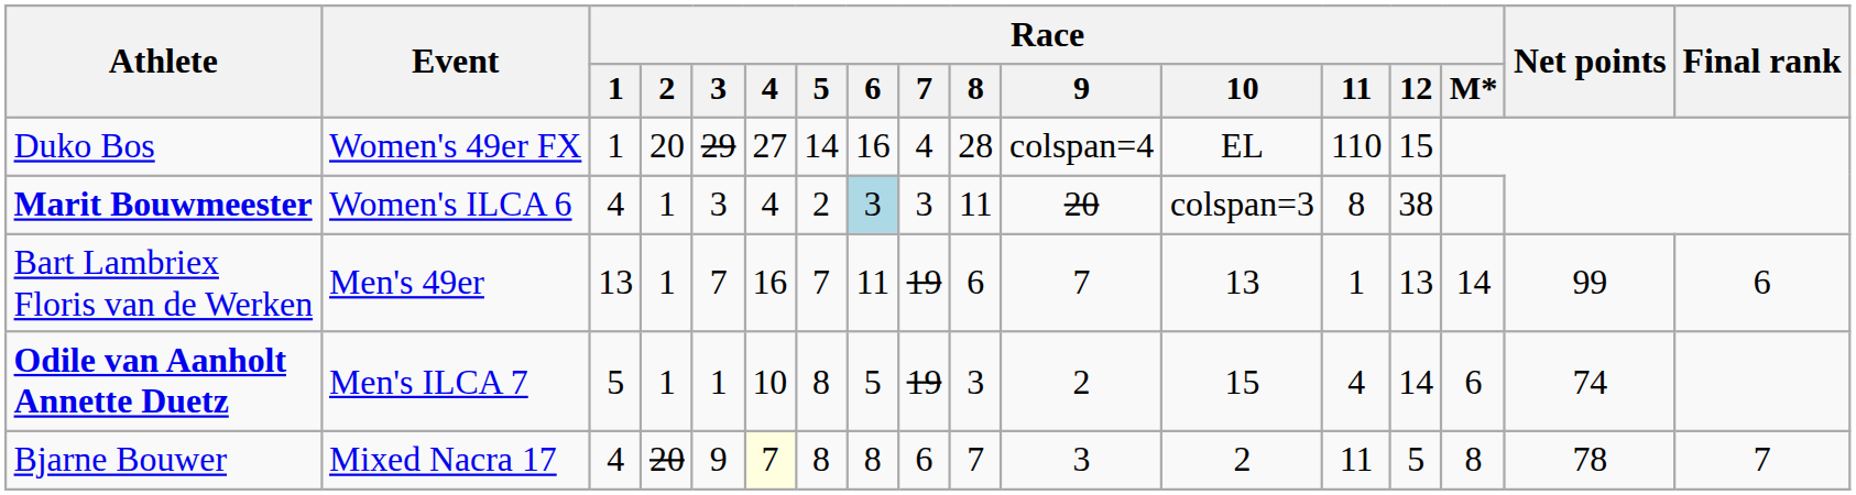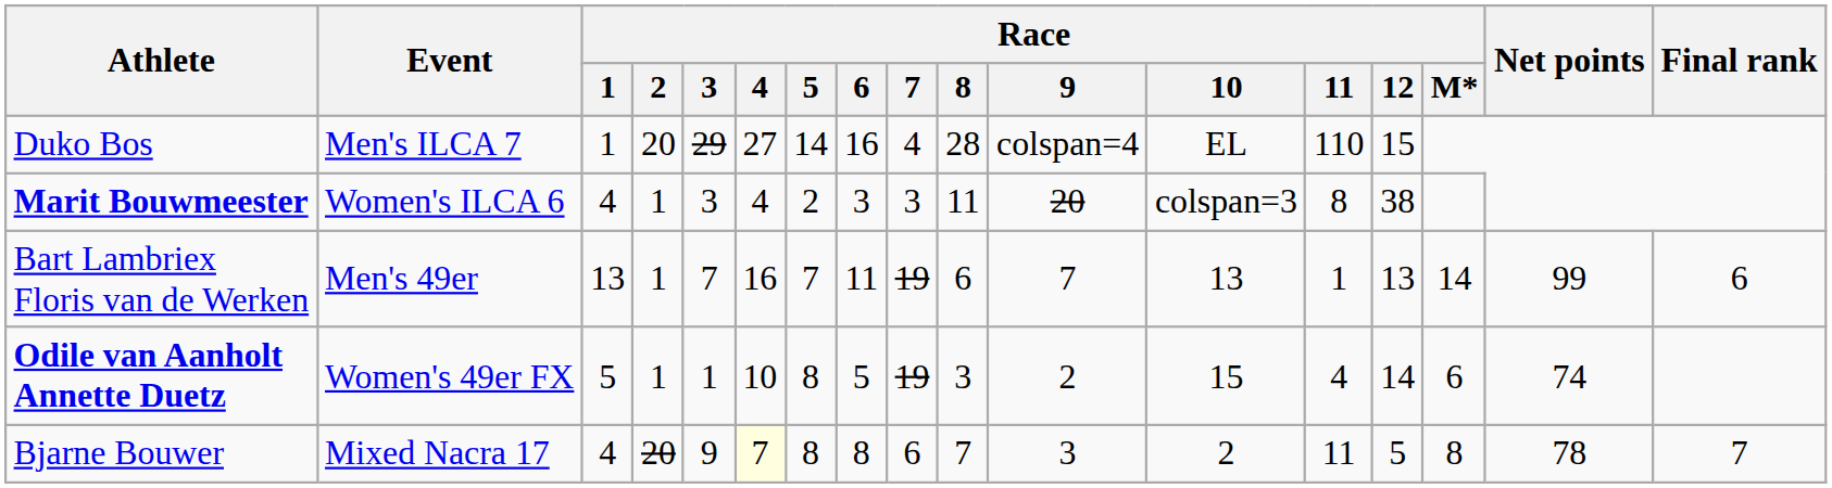 <table class="wikitable" style="font-size:90%">
 <tr>
 <th rowspan="2">Athlete</th>
 <th rowspan="2">Event</th>
 <th colspan=13>Race</th>
 <th rowspan=2>Net points</th>
 <th rowspan=2>Final rank</th>
 </tr>
 <tr style="font-size:95%">
 <th>1</th>
 <th>2</th>
 <th>3</th>
 <th>4</th>
 <th>5</th>
 <th>6</th>
 <th>7</th>
 <th>8</th>
 <th>9</th>
 <th>10</th>
 <th>11</th>
 <th>12</th>
 <th>M*</th>
 </tr>
 <tr align=center>
 <td align=left><a href='#'>Duko Bos</a></td>
-<td align=left><a href='#'>Women's 49er FX</a></td>
+<td align=left><a href='#'>Men's ILCA 7</a></td>
 <td>1</td>
 <td>20</td>
 <td><s>29</s></td>
 <td>27</td>
 <td>14</td>
 <td>16</td>
 <td>4</td>
 <td>28</td>
 <td>colspan=4 </td>
 <td>EL</td>
 <td>110</td>
 <td>15</td>
 </tr>
 <tr align=center>
 <td align=left><strong><a href='#'>Marit Bouwmeester</a></strong></td>
 <td align=left><a href='#'>Women's ILCA 6</a></td>
 <td>4</td>
 <td>1</td>
 <td>3</td>
 <td>4</td>
 <td>2</td>
-<td style="background: lightblue;">3</td>
+<td>3</td>
 <td>3</td>
 <td>11</td>
 <td><s>20</s></td>
 <td>colspan=3 </td>
 <td>8</td>
 <td>38</td>
 <td></td>
 </tr>
 <tr align=center>
 <td align=left><a href='#'>Bart Lambriex</a><br><a href='#'>Floris van de Werken</a></td>
 <td align=left><a href='#'>Men's 49er</a></td>
 <td>13</td>
 <td>1</td>
 <td>7</td>
 <td>16</td>
 <td>7</td>
 <td>11</td>
 <td><s>19</s></td>
 <td>6</td>
 <td>7</td>
 <td>13</td>
 <td>1</td>
 <td>13</td>
 <td>14</td>
 <td>99</td>
 <td>6</td>
 </tr>
 <tr align=center>
 <td align=left><strong><a href='#'>Odile van Aanholt</a><br><a href='#'>Annette Duetz</a></strong></td>
-<td align=left><a href='#'>Men's ILCA 7</a></td>
+<td align=left><a href='#'>Women's 49er FX</a></td>
 <td>5</td>
 <td>1</td>
 <td>1</td>
 <td>10</td>
 <td>8</td>
 <td>5</td>
 <td><s>19</s></td>
 <td>3</td>
 <td>2</td>
 <td>15</td>
 <td>4</td>
 <td>14</td>
 <td>6</td>
 <td>74</td>
 <td></td>
 </tr>
 <tr align=center>
 <td align=left><a href='#'>Bjarne Bouwer</a> <br></td>
 <td align=left><a href='#'>Mixed Nacra 17</a></td>
 <td>4</td>
 <td><s>20</s></td>
 <td>9</td>
 <td style="background: lightyellow;">7</td>
 <td>8</td>
 <td>8</td>
 <td>6</td>
 <td>7</td>
 <td>3</td>
 <td>2</td>
 <td>11</td>
 <td>5</td>
 <td>8</td>
 <td>78</td>
 <td>7</td>
 </tr>
 </table>
